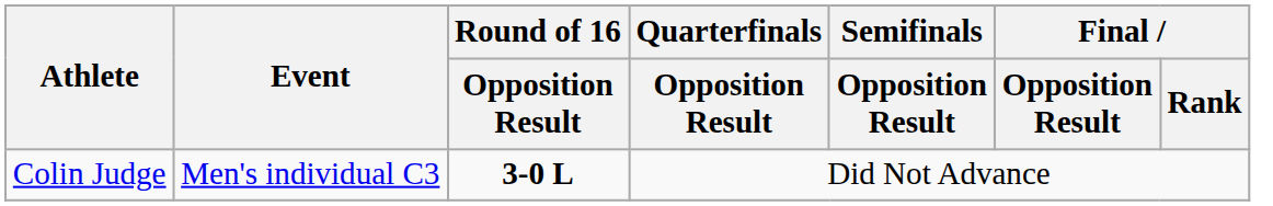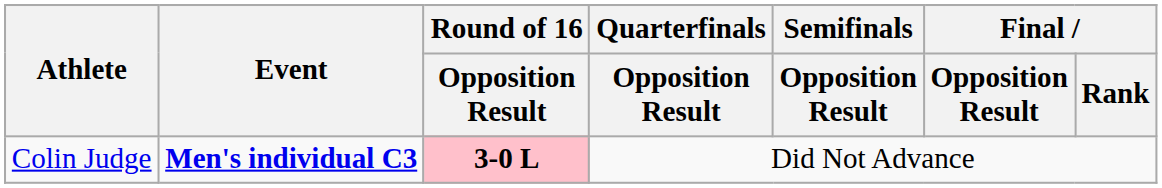 <table class=wikitable style="font-size:90%">
 <tr align=center>
 <th rowspan="2">Athlete</th>
 <th rowspan="2">Event</th>
 <th>Round of 16</th>
 <th>Quarterfinals</th>
 <th>Semifinals</th>
 <th colspan="2">Final / </th>
 </tr>
 <tr>
 <th>Opposition<br>Result</th>
 <th>Opposition<br>Result</th>
 <th>Opposition<br>Result</th>
 <th>Opposition<br>Result</th>
 <th>Rank</th>
 </tr>
 <tr align=center>
 <td align=left><a href='#'>Colin Judge</a></td>
-<td align=left><a href='#'>Men's individual C3</a></td>
-<td><strong>3-0 L</strong></td>
+<td align=left><strong><a href='#'>Men's individual C3</a></strong></td>
+<td style="background: pink;"><strong>3-0 L</strong></td>
 <td colspan="4">Did Not Advance</td>
 </tr>
 </table>
